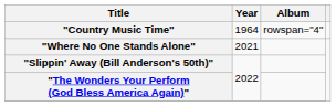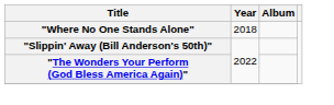 <table class="wikitable plainrowheaders" style="text-align:center;">
 <tr>
 <th style="width:21em;">Title</th>
 <th>Year</th>
 <th>Album</th>
 <th></th>
 </tr>
 <tr>
-<th scope="row">"Country Music Time" </th>
-<td>1964</td>
-<td>rowspan="4" </td>
-<td align="center"></td>
-</tr>
-<tr>
 <th scope="row">"Where No One Stands Alone"</th>
-<td>2021</td>
+<td>2018</td>
 <td align="center"></td>
 </tr>
 <tr>
 <th scope="row">"Slippin' Away (Bill Anderson's 50th)"</th>
 <td rowspan="2">2022</td>
 <td align="center"></td>
 </tr>
 <tr>
 <th scope="row">"<a href='#'>The Wonders Your Perform<br>(God Bless America Again)</a>"</th>
 <td align="center"></td>
 </tr>
 <tr>
 </tr>
 </table>
